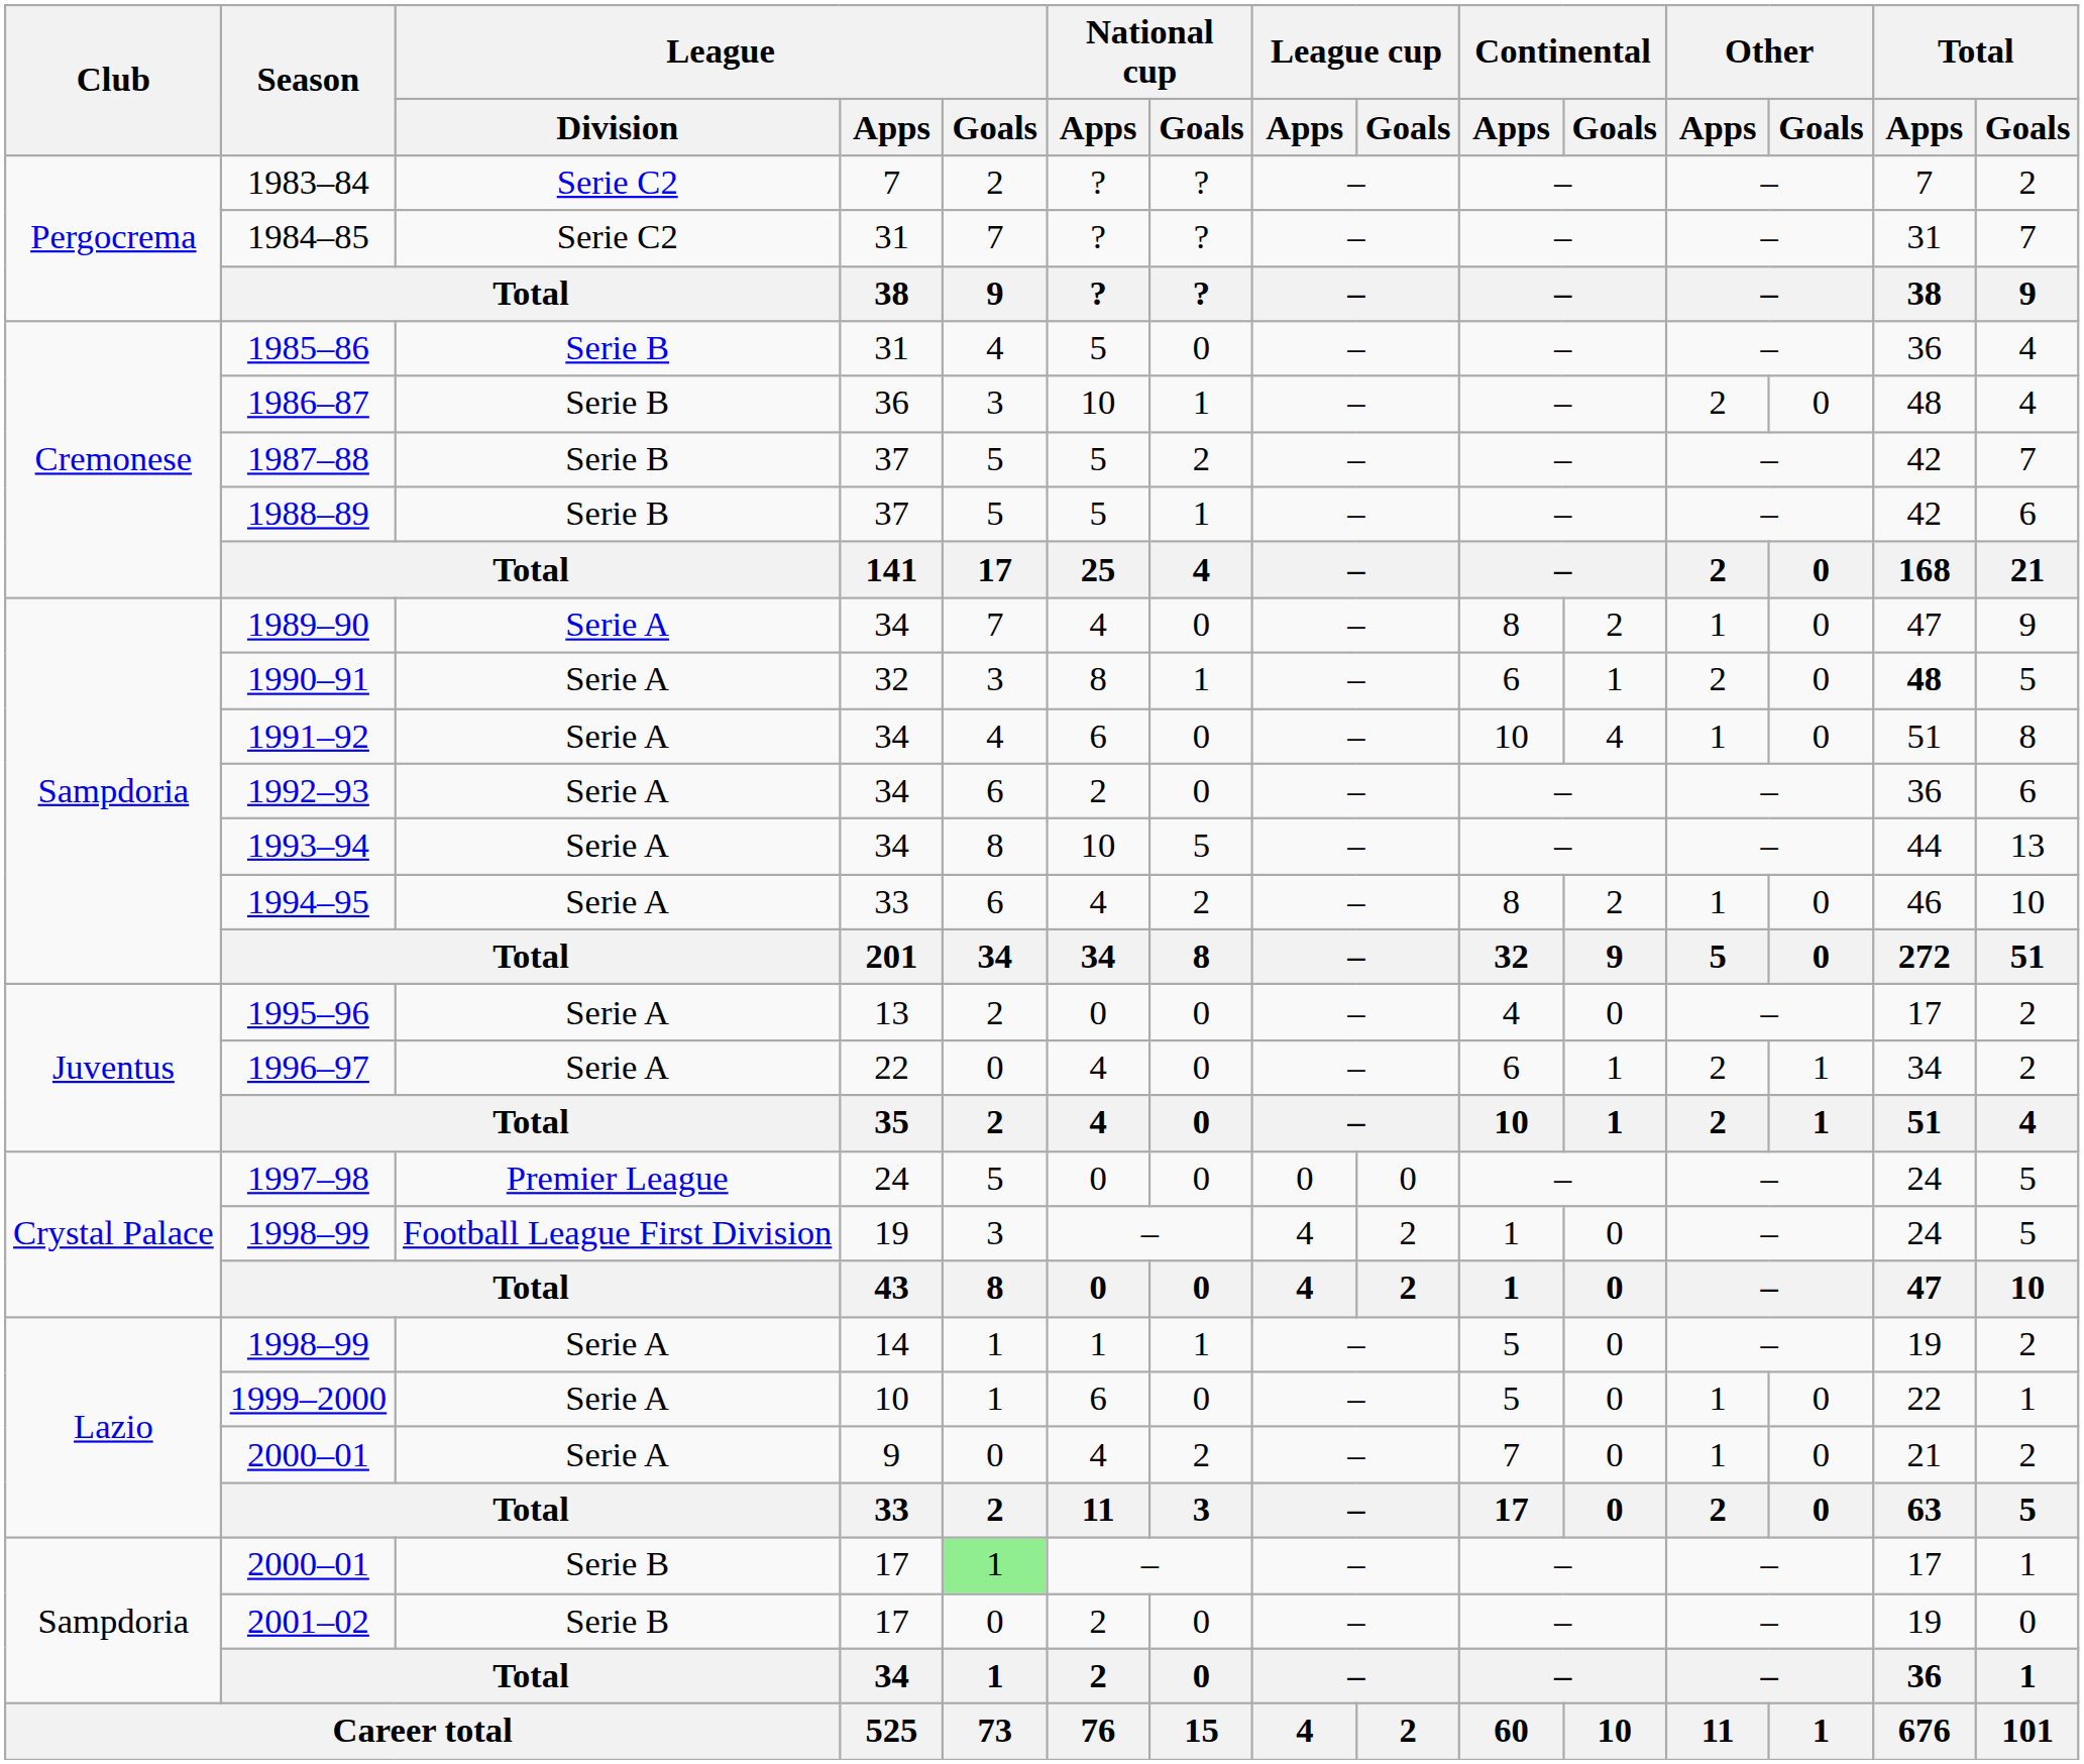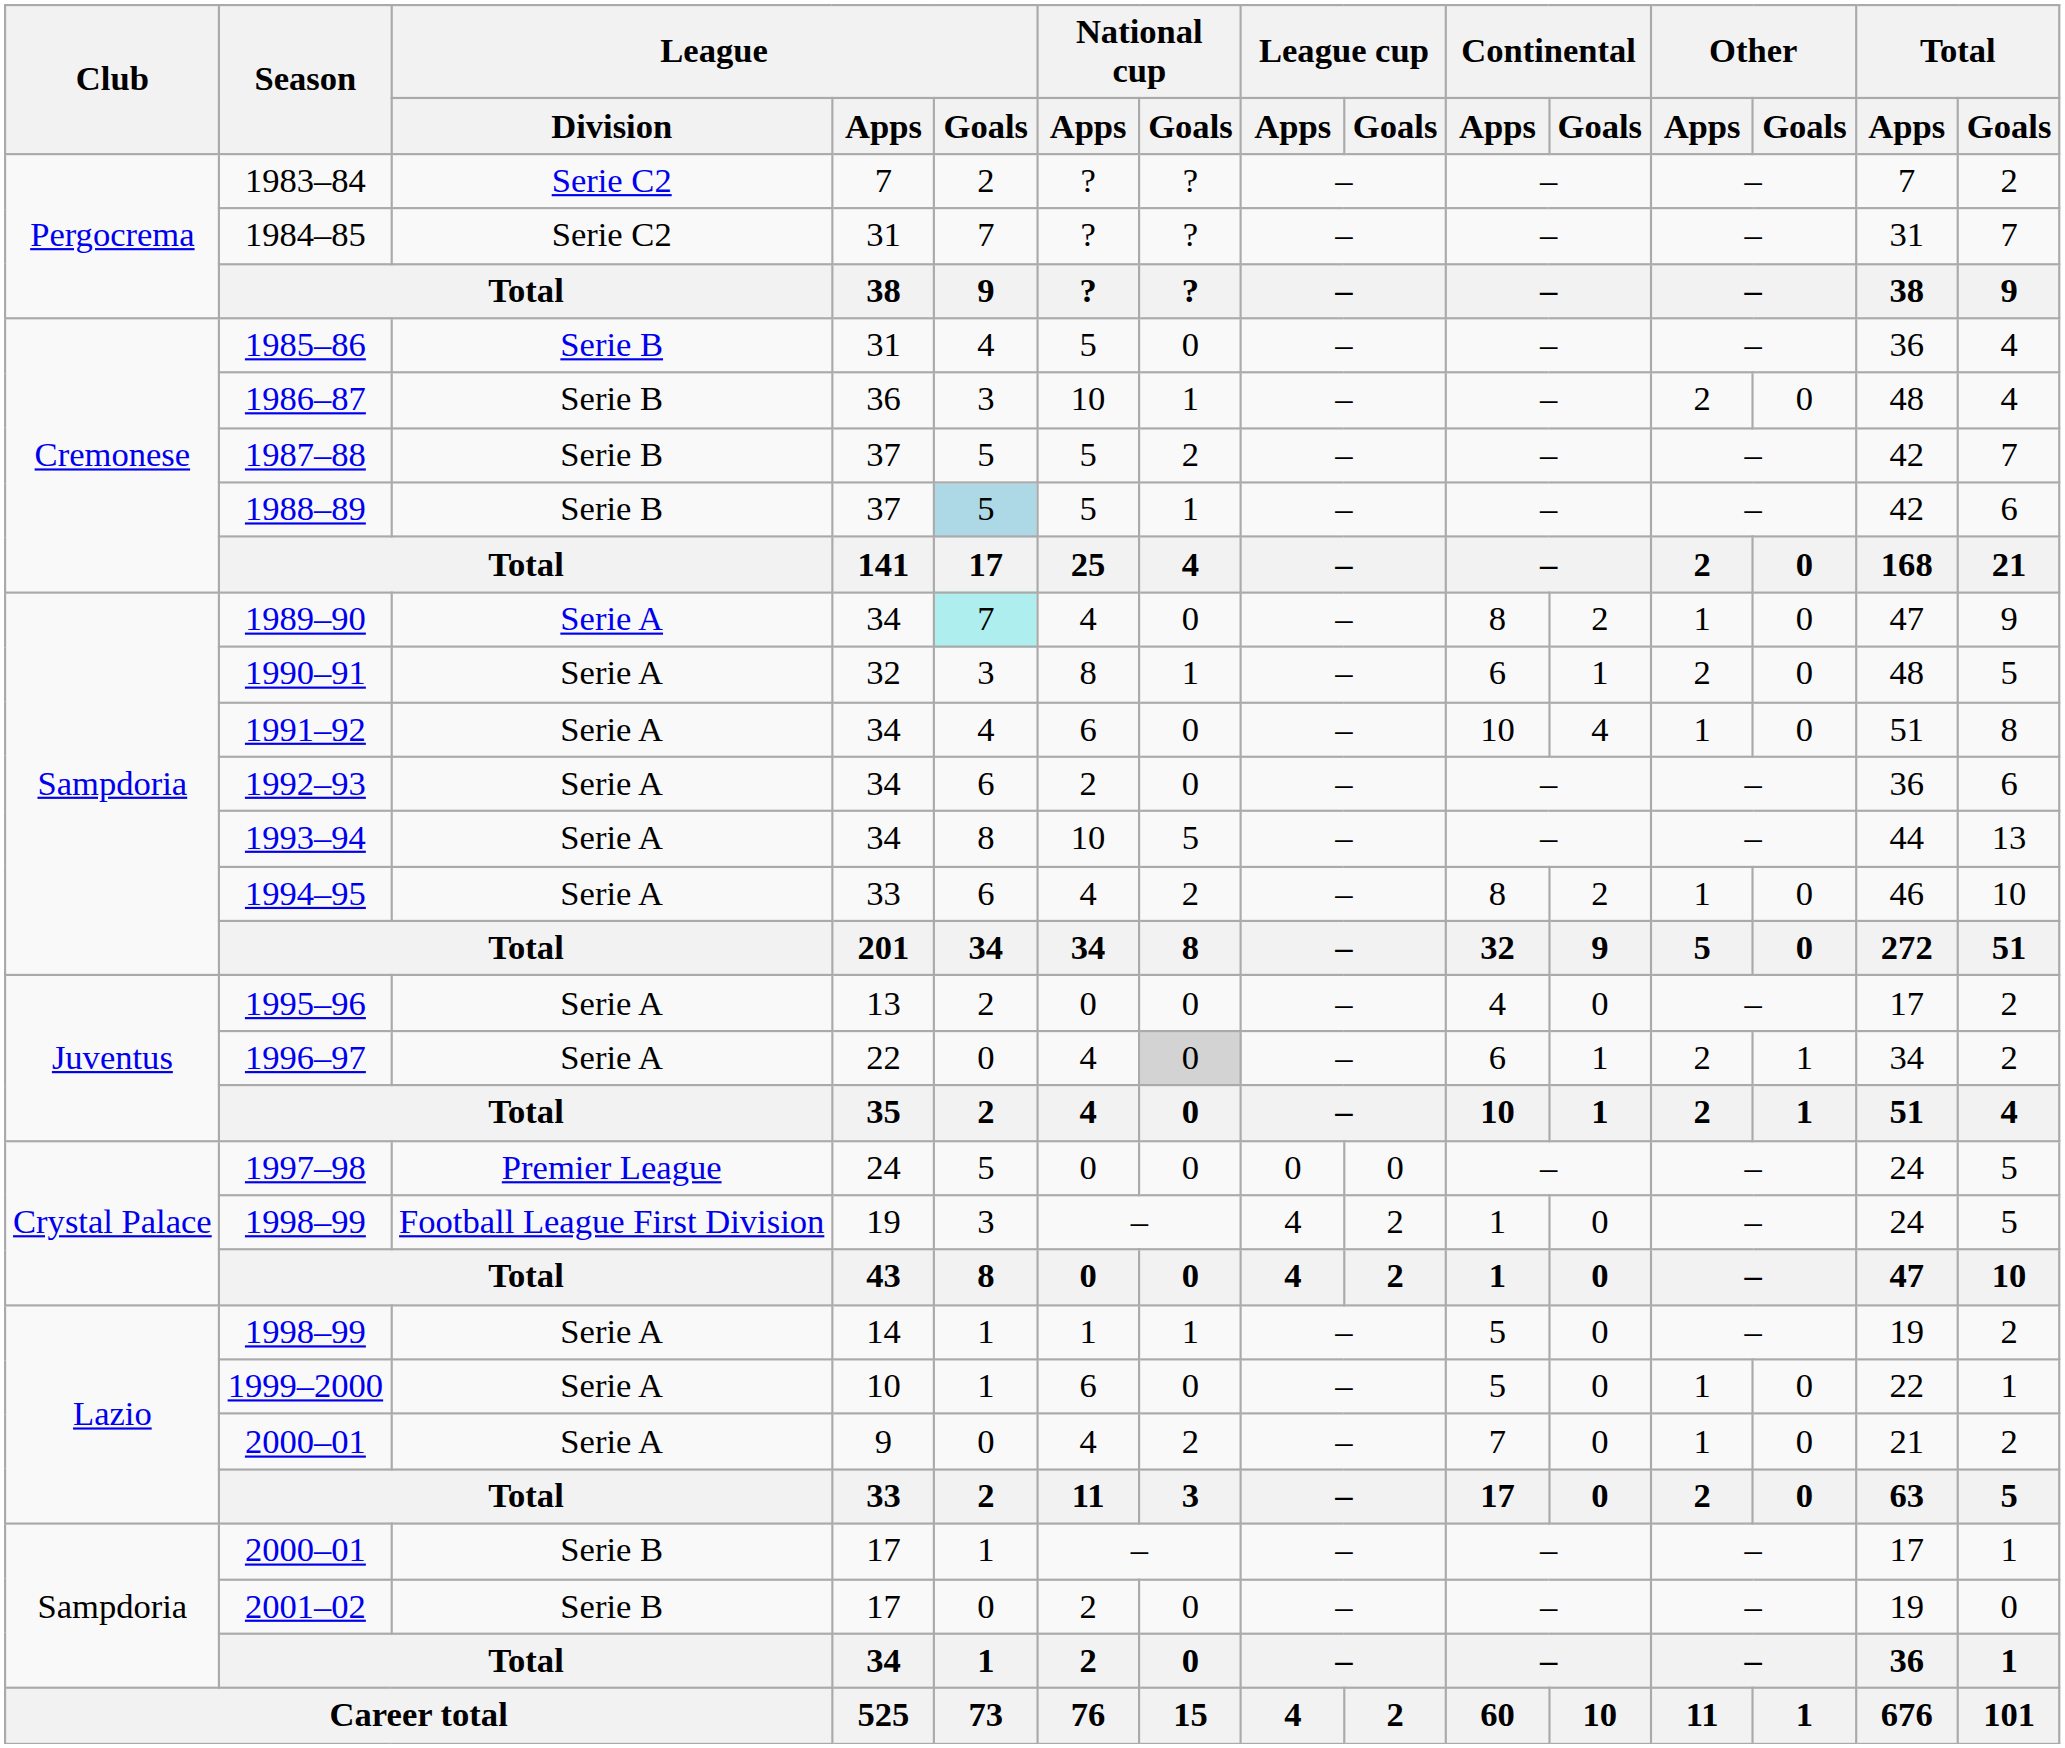 <table class="wikitable" style="text-align:center">
 <tr>
 <th rowspan="2">Club</th>
 <th rowspan="2">Season</th>
 <th colspan="3">League</th>
 <th colspan="2">National cup</th>
 <th colspan="2">League cup</th>
 <th colspan="2">Continental</th>
 <th colspan="2">Other</th>
 <th colspan="2">Total</th>
 </tr>
 <tr>
 <th>Division</th>
 <th width="40">Apps</th>
 <th width="40">Goals</th>
 <th width="40">Apps</th>
 <th width="40">Goals</th>
 <th width="40">Apps</th>
 <th width="40">Goals</th>
 <th width="40">Apps</th>
 <th width="40">Goals</th>
 <th width="40">Apps</th>
 <th width="40">Goals</th>
 <th width="40">Apps</th>
 <th width="40">Goals</th>
 </tr>
 <tr>
 <td rowspan="3"><a href='#'>Pergocrema</a></td>
 <td>1983–84</td>
 <td><a href='#'>Serie C2</a></td>
 <td>7</td>
 <td>2</td>
 <td>?</td>
 <td>?</td>
 <td colspan="2">–</td>
 <td colspan="2">–</td>
 <td colspan="2">–</td>
 <td>7</td>
 <td>2</td>
 </tr>
 <tr>
 <td>1984–85</td>
 <td>Serie C2</td>
 <td>31</td>
 <td>7</td>
 <td>?</td>
 <td>?</td>
 <td colspan="2">–</td>
 <td colspan="2">–</td>
 <td colspan="2">–</td>
 <td>31</td>
 <td>7</td>
 </tr>
 <tr>
 <th colspan="2">Total</th>
 <th>38</th>
 <th>9</th>
 <th>?</th>
 <th>?</th>
 <th colspan="2">–</th>
 <th colspan="2">–</th>
 <th colspan="2">–</th>
 <th>38</th>
 <th>9</th>
 </tr>
 <tr>
 <td rowspan="5"><a href='#'>Cremonese</a></td>
 <td><a href='#'>1985–86</a></td>
 <td><a href='#'>Serie B</a></td>
 <td>31</td>
 <td>4</td>
 <td>5</td>
 <td>0</td>
 <td colspan="2">–</td>
 <td colspan="2">–</td>
 <td colspan="2">–</td>
 <td>36</td>
 <td>4</td>
 </tr>
 <tr>
 <td><a href='#'>1986–87</a></td>
 <td>Serie B</td>
 <td>36</td>
 <td>3</td>
 <td>10</td>
 <td>1</td>
 <td colspan="2">–</td>
 <td colspan="2">–</td>
 <td>2</td>
 <td>0</td>
 <td>48</td>
 <td>4</td>
 </tr>
 <tr>
 <td><a href='#'>1987–88</a></td>
 <td>Serie B</td>
 <td>37</td>
 <td>5</td>
 <td>5</td>
 <td>2</td>
 <td colspan="2">–</td>
 <td colspan="2">–</td>
 <td colspan="2">–</td>
 <td>42</td>
 <td>7</td>
 </tr>
 <tr>
 <td><a href='#'>1988–89</a></td>
 <td>Serie B</td>
 <td>37</td>
-<td>5</td>
+<td style="background: lightblue;">5</td>
 <td>5</td>
 <td>1</td>
 <td colspan="2">–</td>
 <td colspan="2">–</td>
 <td colspan="2">–</td>
 <td>42</td>
 <td>6</td>
 </tr>
 <tr>
 <th colspan="2">Total</th>
 <th>141</th>
 <th>17</th>
 <th>25</th>
 <th>4</th>
 <th colspan="2">–</th>
 <th colspan="2">–</th>
 <th>2</th>
 <th>0</th>
 <th>168</th>
 <th>21</th>
 </tr>
 <tr>
 <td rowspan="7"><a href='#'>Sampdoria</a></td>
 <td><a href='#'>1989–90</a></td>
 <td><a href='#'>Serie A</a></td>
 <td>34</td>
-<td>7</td>
+<td style="background: paleturquoise;">7</td>
 <td>4</td>
 <td>0</td>
 <td colspan="2">–</td>
 <td>8</td>
 <td>2</td>
 <td>1</td>
 <td>0</td>
 <td>47</td>
 <td>9</td>
 </tr>
 <tr>
 <td><a href='#'>1990–91</a></td>
 <td>Serie A</td>
 <td>32</td>
 <td>3</td>
 <td>8</td>
 <td>1</td>
 <td colspan="2">–</td>
 <td>6</td>
 <td>1</td>
 <td>2</td>
 <td>0</td>
-<td><strong>48</strong></td>
+<td>48</td>
 <td>5</td>
 </tr>
 <tr>
 <td><a href='#'>1991–92</a></td>
 <td>Serie A</td>
 <td>34</td>
 <td>4</td>
 <td>6</td>
 <td>0</td>
 <td colspan="2">–</td>
 <td>10</td>
 <td>4</td>
 <td>1</td>
 <td>0</td>
 <td>51</td>
 <td>8</td>
 </tr>
 <tr>
 <td><a href='#'>1992–93</a></td>
 <td>Serie A</td>
 <td>34</td>
 <td>6</td>
 <td>2</td>
 <td>0</td>
 <td colspan="2">–</td>
 <td colspan="2">–</td>
 <td colspan="2">–</td>
 <td>36</td>
 <td>6</td>
 </tr>
 <tr>
 <td><a href='#'>1993–94</a></td>
 <td>Serie A</td>
 <td>34</td>
 <td>8</td>
 <td>10</td>
 <td>5</td>
 <td colspan="2">–</td>
 <td colspan="2">–</td>
 <td colspan="2">–</td>
 <td>44</td>
 <td>13</td>
 </tr>
 <tr>
 <td><a href='#'>1994–95</a></td>
 <td>Serie A</td>
 <td>33</td>
 <td>6</td>
 <td>4</td>
 <td>2</td>
 <td colspan="2">–</td>
 <td>8</td>
 <td>2</td>
 <td>1</td>
 <td>0</td>
 <td>46</td>
 <td>10</td>
 </tr>
 <tr>
 <th colspan="2">Total</th>
 <th>201</th>
 <th>34</th>
 <th>34</th>
 <th>8</th>
 <th colspan="2">–</th>
 <th>32</th>
 <th>9</th>
 <th>5</th>
 <th>0</th>
 <th>272</th>
 <th>51</th>
 </tr>
 <tr>
 <td rowspan="3"><a href='#'>Juventus</a></td>
 <td><a href='#'>1995–96</a></td>
 <td>Serie A</td>
 <td>13</td>
 <td>2</td>
 <td>0</td>
 <td>0</td>
 <td colspan="2">–</td>
 <td>4</td>
 <td>0</td>
 <td colspan="2">–</td>
 <td>17</td>
 <td>2</td>
 </tr>
 <tr>
 <td><a href='#'>1996–97</a></td>
 <td>Serie A</td>
 <td>22</td>
 <td>0</td>
 <td>4</td>
-<td>0</td>
+<td style="background: lightgrey;">0</td>
 <td colspan="2">–</td>
 <td>6</td>
 <td>1</td>
 <td>2</td>
 <td>1</td>
 <td>34</td>
 <td>2</td>
 </tr>
 <tr>
 <th colspan="2">Total</th>
 <th>35</th>
 <th>2</th>
 <th>4</th>
 <th>0</th>
 <th colspan="2">–</th>
 <th>10</th>
 <th>1</th>
 <th>2</th>
 <th>1</th>
 <th>51</th>
 <th>4</th>
 </tr>
 <tr>
 <td rowspan="3"><a href='#'>Crystal Palace</a></td>
 <td><a href='#'>1997–98</a></td>
 <td><a href='#'>Premier League</a></td>
 <td>24</td>
 <td>5</td>
 <td>0</td>
 <td>0</td>
 <td>0</td>
 <td>0</td>
 <td colspan="2">–</td>
 <td colspan="2">–</td>
 <td>24</td>
 <td>5</td>
 </tr>
 <tr>
 <td><a href='#'>1998–99</a></td>
 <td><a href='#'>Football League First Division</a></td>
 <td>19</td>
 <td>3</td>
 <td colspan="2">–</td>
 <td>4</td>
 <td>2</td>
 <td>1</td>
 <td>0</td>
 <td colspan="2">–</td>
 <td>24</td>
 <td>5</td>
 </tr>
 <tr>
 <th colspan="2">Total</th>
 <th>43</th>
 <th>8</th>
 <th>0</th>
 <th>0</th>
 <th>4</th>
 <th>2</th>
 <th>1</th>
 <th>0</th>
 <th colspan="2">–</th>
 <th>47</th>
 <th>10</th>
 </tr>
 <tr>
 <td rowspan="4"><a href='#'>Lazio</a></td>
 <td><a href='#'>1998–99</a></td>
 <td>Serie A</td>
 <td>14</td>
 <td>1</td>
 <td>1</td>
 <td>1</td>
 <td colspan="2">–</td>
 <td>5</td>
 <td>0</td>
 <td colspan="2">–</td>
 <td>19</td>
 <td>2</td>
 </tr>
 <tr>
 <td><a href='#'>1999–2000</a></td>
 <td>Serie A</td>
 <td>10</td>
 <td>1</td>
 <td>6</td>
 <td>0</td>
 <td colspan="2">–</td>
 <td>5</td>
 <td>0</td>
 <td>1</td>
 <td>0</td>
 <td>22</td>
 <td>1</td>
 </tr>
 <tr>
 <td><a href='#'>2000–01</a></td>
 <td>Serie A</td>
 <td>9</td>
 <td>0</td>
 <td>4</td>
 <td>2</td>
 <td colspan="2">–</td>
 <td>7</td>
 <td>0</td>
 <td>1</td>
 <td>0</td>
 <td>21</td>
 <td>2</td>
 </tr>
 <tr>
 <th colspan="2">Total</th>
 <th>33</th>
 <th>2</th>
 <th>11</th>
 <th>3</th>
 <th colspan="2">–</th>
 <th>17</th>
 <th>0</th>
 <th>2</th>
 <th>0</th>
 <th>63</th>
 <th>5</th>
 </tr>
 <tr>
 <td rowspan="3">Sampdoria</td>
 <td><a href='#'>2000–01</a></td>
 <td>Serie B</td>
 <td>17</td>
-<td style="background: lightgreen;">1</td>
+<td>1</td>
 <td colspan="2">–</td>
 <td colspan="2">–</td>
 <td colspan="2">–</td>
 <td colspan="2">–</td>
 <td>17</td>
 <td>1</td>
 </tr>
 <tr>
 <td><a href='#'>2001–02</a></td>
 <td>Serie B</td>
 <td>17</td>
 <td>0</td>
 <td>2</td>
 <td>0</td>
 <td colspan="2">–</td>
 <td colspan="2">–</td>
 <td colspan="2">–</td>
 <td>19</td>
 <td>0</td>
 </tr>
 <tr>
 <th colspan="2">Total</th>
 <th>34</th>
 <th>1</th>
 <th>2</th>
 <th>0</th>
 <th colspan="2">–</th>
 <th colspan="2">–</th>
 <th colspan="2">–</th>
 <th>36</th>
 <th>1</th>
 </tr>
 <tr>
 <th colspan="3">Career total</th>
 <th>525</th>
 <th>73</th>
 <th>76</th>
 <th>15</th>
 <th>4</th>
 <th>2</th>
 <th>60</th>
 <th>10</th>
 <th>11</th>
 <th>1</th>
 <th>676</th>
 <th>101</th>
 </tr>
 </table>
